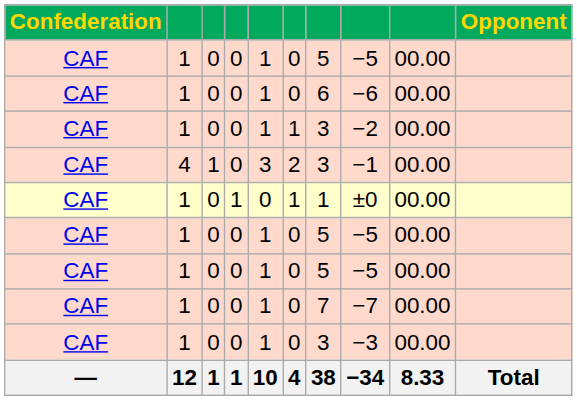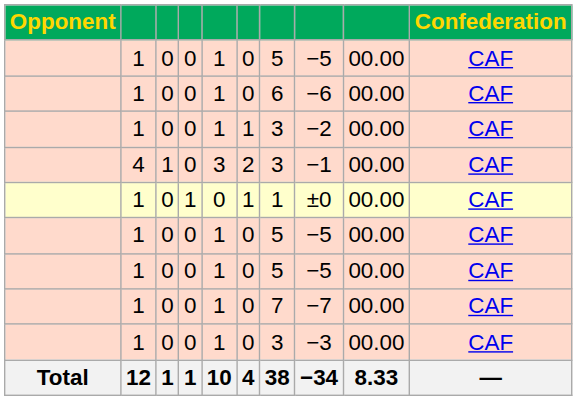 <table class="wikitable sortable" style="text-align:center;">
 <tr>
-<th style="background-color:#00A95C;color:#FFD700">Confederation</th>
+<th style="background-color:#00A95C;color:#FFD700">Opponent</th>
 <th style="background-color:#00A95C;color:#FFD700"></th>
 <th style="background-color:#00A95C;color:#FFD700"></th>
 <th style="background-color:#00A95C;color:#FFD700"></th>
 <th style="background-color:#00A95C;color:#FFD700"></th>
 <th style="background-color:#00A95C;color:#FFD700"></th>
 <th style="background-color:#00A95C;color:#FFD700"></th>
 <th style="background-color:#00A95C;color:#FFD700"></th>
 <th style="background-color:#00A95C;color:#FFD700"></th>
-<th style="background-color:#00A95C;color:#FFD700">Opponent</th>
+<th style="background-color:#00A95C;color:#FFD700">Confederation</th>
 </tr>
 <tr bgcolor=FFDACC>
-<td><a href='#'>CAF</a></td>
+<td style="text-align:left;"></td>
 <td>1</td>
 <td>0</td>
 <td>0</td>
 <td>1</td>
 <td>0</td>
 <td>5</td>
 <td>−5</td>
 <td>00.00</td>
-<td style="text-align:left;"></td>
+<td><a href='#'>CAF</a></td>
 </tr>
 <tr bgcolor=FFDACC>
-<td><a href='#'>CAF</a></td>
+<td style="text-align:left;"></td>
 <td>1</td>
 <td>0</td>
 <td>0</td>
 <td>1</td>
 <td>0</td>
 <td>6</td>
 <td>−6</td>
 <td>00.00</td>
-<td style="text-align:left;"></td>
+<td><a href='#'>CAF</a></td>
 </tr>
 <tr bgcolor=FFDACC>
-<td><a href='#'>CAF</a></td>
+<td style="text-align:left;"></td>
 <td>1</td>
 <td>0</td>
 <td>0</td>
 <td>1</td>
 <td>1</td>
 <td>3</td>
 <td>−2</td>
 <td>00.00</td>
-<td style="text-align:left;"></td>
+<td><a href='#'>CAF</a></td>
 </tr>
 <tr bgcolor=FFDACC>
-<td><a href='#'>CAF</a></td>
+<td style="text-align:left;"></td>
 <td>4</td>
 <td>1</td>
 <td>0</td>
 <td>3</td>
 <td>2</td>
 <td>3</td>
 <td>−1</td>
 <td>00.00</td>
-<td style="text-align:left;"></td>
+<td><a href='#'>CAF</a></td>
 </tr>
 <tr bgcolor=FFFFCC>
-<td><a href='#'>CAF</a></td>
+<td style="text-align:left;"></td>
 <td>1</td>
 <td>0</td>
 <td>1</td>
 <td>0</td>
 <td>1</td>
 <td>1</td>
 <td>±0</td>
 <td>00.00</td>
-<td style="text-align:left;"></td>
+<td><a href='#'>CAF</a></td>
 </tr>
 <tr bgcolor=FFDACC>
-<td><a href='#'>CAF</a></td>
+<td style="text-align:left;"></td>
 <td>1</td>
 <td>0</td>
 <td>0</td>
 <td>1</td>
 <td>0</td>
 <td>5</td>
 <td>−5</td>
 <td>00.00</td>
-<td style="text-align:left;"></td>
+<td><a href='#'>CAF</a></td>
 </tr>
 <tr bgcolor=FFDACC>
-<td><a href='#'>CAF</a></td>
+<td style="text-align:left;"></td>
 <td>1</td>
 <td>0</td>
 <td>0</td>
 <td>1</td>
 <td>0</td>
 <td>5</td>
 <td>−5</td>
 <td>00.00</td>
-<td style="text-align:left;"></td>
+<td><a href='#'>CAF</a></td>
 </tr>
 <tr bgcolor=FFDACC>
-<td><a href='#'>CAF</a></td>
+<td style="text-align:left;"></td>
 <td>1</td>
 <td>0</td>
 <td>0</td>
 <td>1</td>
 <td>0</td>
 <td>7</td>
 <td>−7</td>
 <td>00.00</td>
-<td style="text-align:left;"></td>
+<td><a href='#'>CAF</a></td>
 </tr>
 <tr bgcolor=FFDACC>
-<td><a href='#'>CAF</a></td>
+<td style="text-align:left;"></td>
 <td>1</td>
 <td>0</td>
 <td>0</td>
 <td>1</td>
 <td>0</td>
 <td>3</td>
 <td>−3</td>
 <td>00.00</td>
-<td style="text-align:left;"></td>
+<td><a href='#'>CAF</a></td>
 </tr>
 <tr>
-<th>—</th>
+<th>Total</th>
 <th>12</th>
 <th>1</th>
 <th>1</th>
 <th>10</th>
 <th>4</th>
 <th>38</th>
 <th>−34</th>
 <th>8.33</th>
-<th>Total</th>
+<th>—</th>
 </tr>
 </table>
